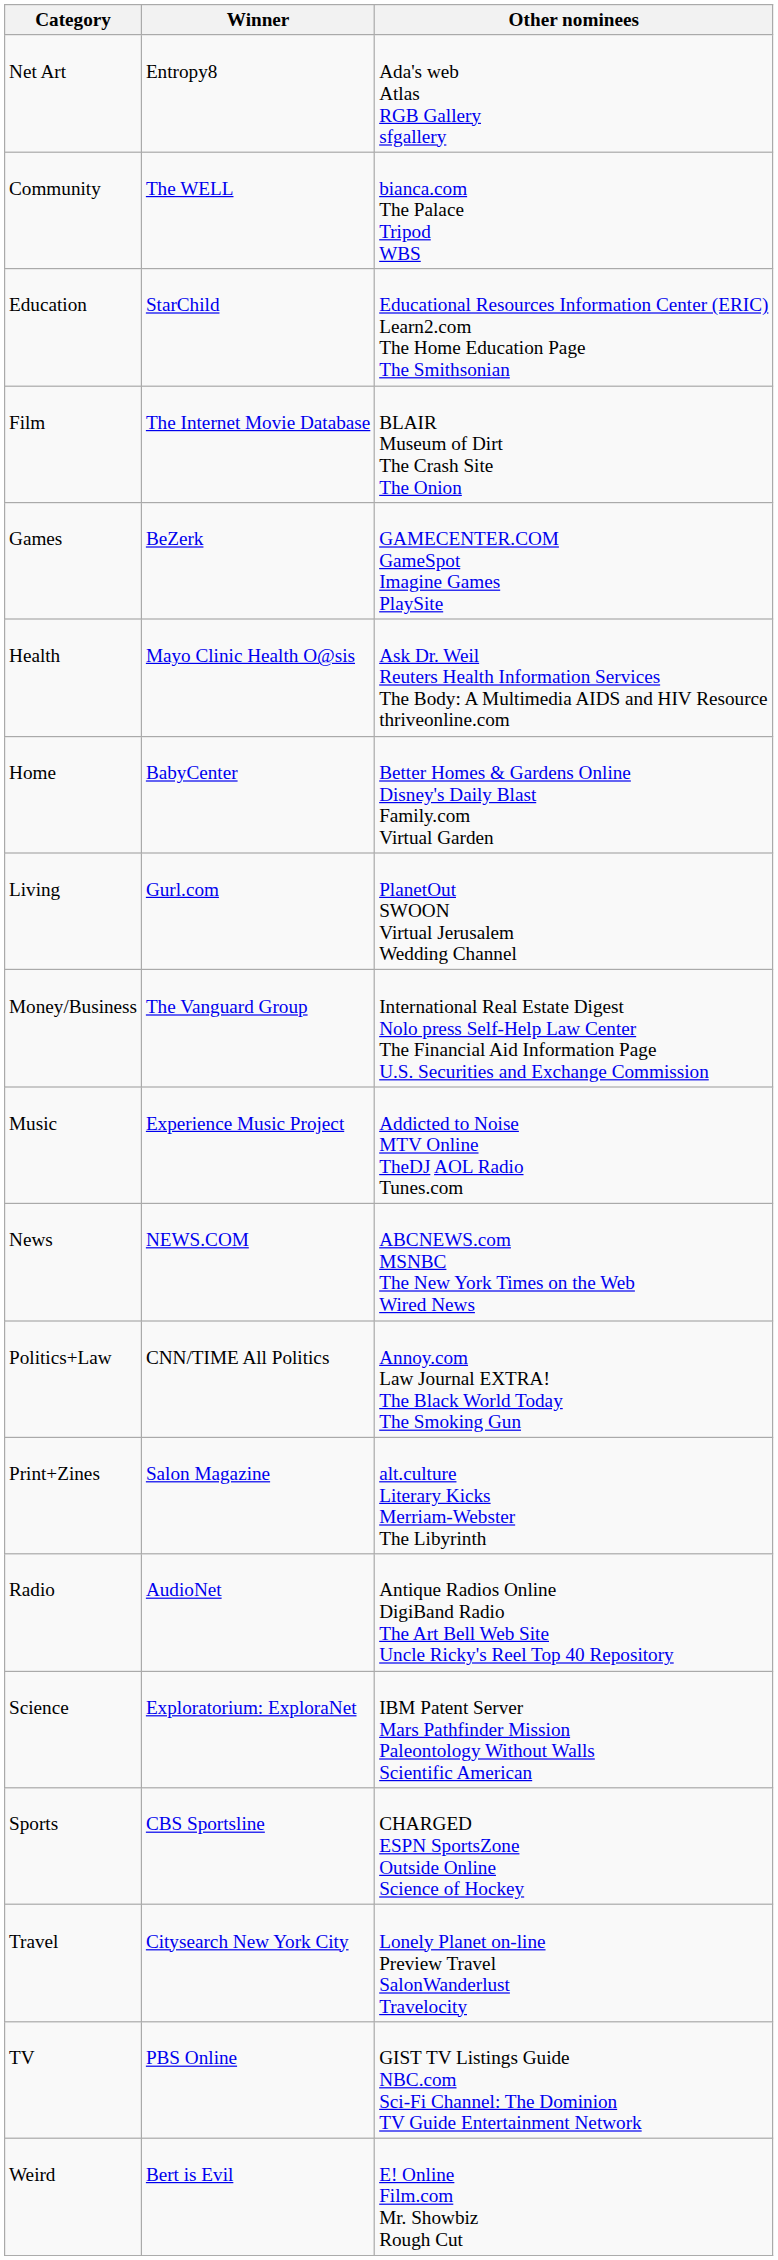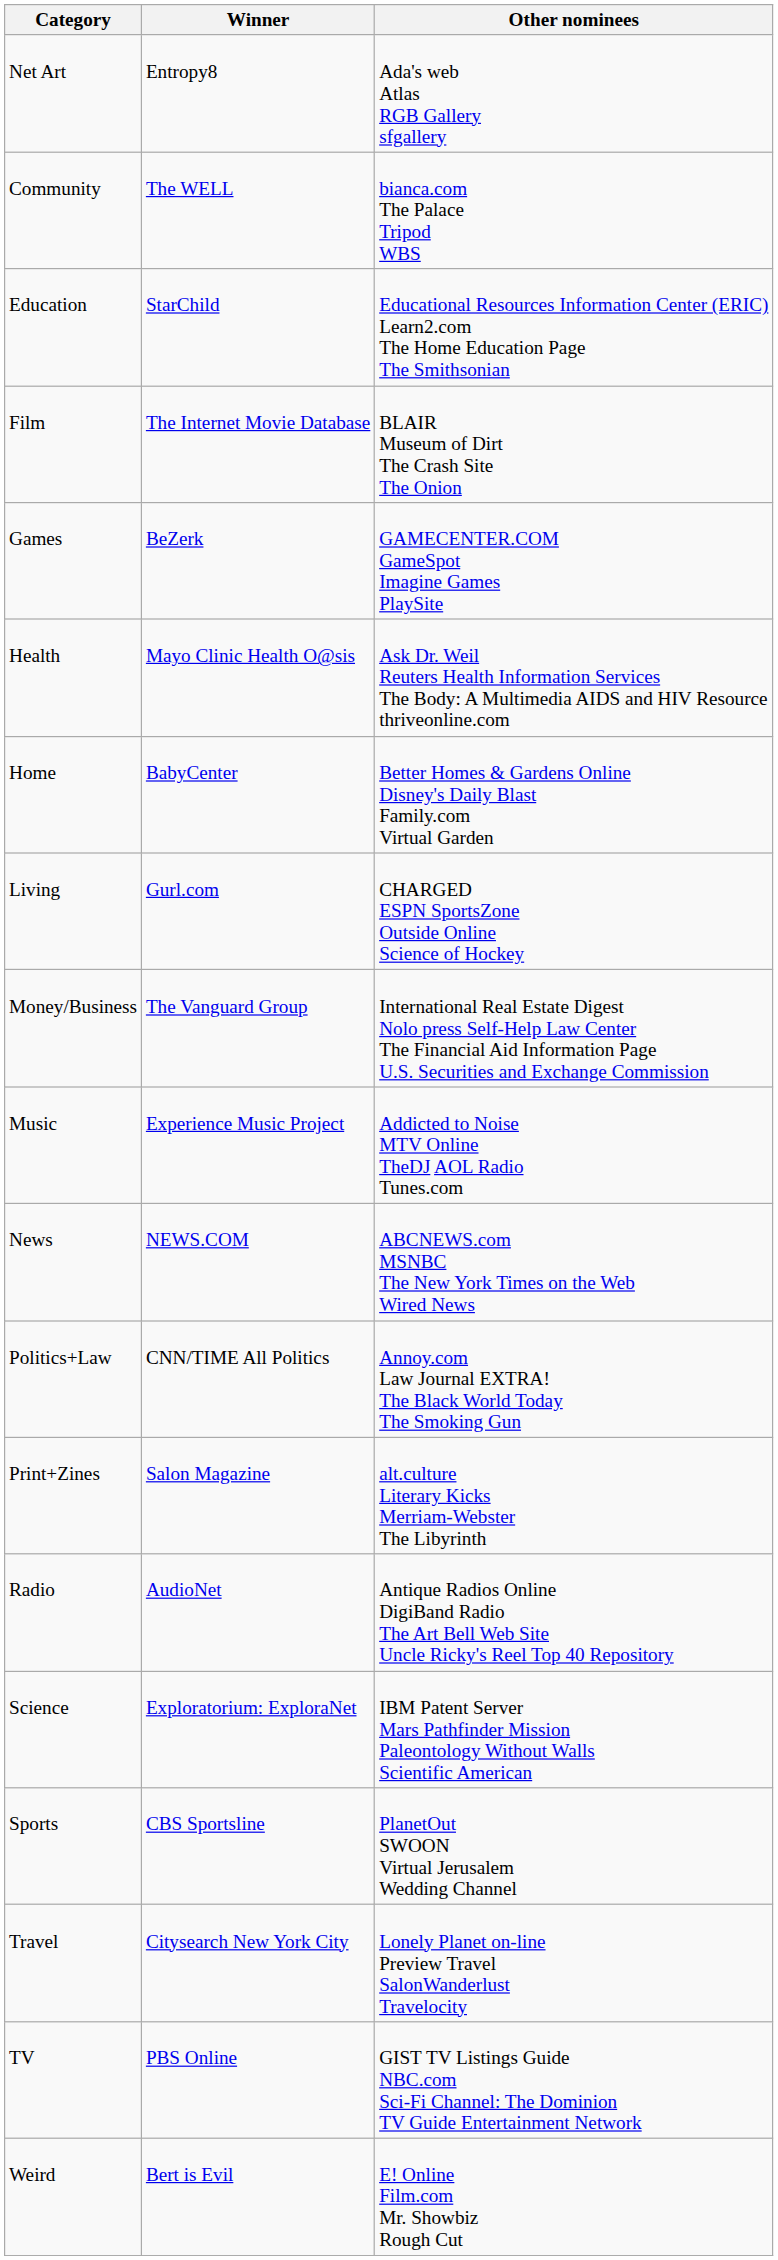 <table class="wikitable">
 <tr>
 <th>Category</th>
 <th>Winner</th>
 <th>Other nominees</th>
 </tr>
 <tr valign="top">
 <td><br>Net Art</td>
 <td><br>Entropy8</td>
 <td><br>Ada's web <br> Atlas <br> <a href='#'>RGB Gallery</a> <br> <a href='#'>sfgallery</a></td>
 </tr>
 <tr valign="top">
 <td><br>Community</td>
 <td><br><a href='#'>The WELL</a></td>
 <td><br><a href='#'>bianca.com</a> <br> The Palace <br> <a href='#'>Tripod</a> <br> <a href='#'>WBS</a></td>
 </tr>
 <tr valign="top">
 <td><br>Education</td>
 <td><br><a href='#'>StarChild</a></td>
 <td><br><a href='#'>Educational Resources Information Center (ERIC)</a> <br> Learn2.com <br> The Home Education Page <br> <a href='#'>The Smithsonian</a> <br></td>
 </tr>
 <tr valign="top">
 <td><br>Film</td>
 <td><br><a href='#'>The Internet Movie Database</a></td>
 <td><br>BLAIR <br> Museum of Dirt <br> The Crash Site <br> <a href='#'>The Onion</a></td>
 </tr>
 <tr valign="top">
 <td><br>Games</td>
 <td><br><a href='#'>BeZerk</a></td>
 <td><br><a href='#'>GAMECENTER.COM</a> <br> <a href='#'>GameSpot</a> <br> <a href='#'>Imagine Games</a> <br> <a href='#'>PlaySite</a> <br></td>
 </tr>
 <tr valign="top">
 <td><br>Health</td>
 <td><br><a href='#'>Mayo Clinic Health O@sis</a> <br></td>
 <td><br><a href='#'>Ask Dr. Weil</a> <br> <a href='#'>Reuters Health Information Services</a> <br> The Body: A Multimedia AIDS and HIV Resource <br> thriveonline.com <br></td>
 </tr>
 <tr valign="top">
 <td><br>Home</td>
 <td><br><a href='#'>BabyCenter</a></td>
 <td><br><a href='#'>Better Homes & Gardens Online</a> <br> <a href='#'>Disney's Daily Blast</a> <br> Family.com <br> Virtual Garden <br></td>
 </tr>
 <tr valign="top">
 <td><br>Living</td>
 <td><br><a href='#'>Gurl.com</a></td>
-<td><br><a href='#'>PlanetOut</a> <br> SWOON <br> Virtual Jerusalem <br> Wedding Channel <br></td>
+<td><br>CHARGED <br> <a href='#'>ESPN SportsZone</a> <br> <a href='#'>Outside Online</a> <br> <a href='#'>Science of Hockey</a></td>
 </tr>
 <tr valign="top">
 <td><br>Money/Business</td>
 <td><br><a href='#'>The Vanguard Group</a></td>
 <td><br>International Real Estate Digest <br> <a href='#'>Nolo press Self-Help Law Center</a> <br> The Financial Aid Information Page <br> <a href='#'>U.S. Securities and Exchange Commission</a></td>
 </tr>
 <tr valign="top">
 <td><br>Music</td>
 <td><br><a href='#'>Experience Music Project</a> <br></td>
 <td><br><a href='#'>Addicted to Noise</a> <br> <a href='#'>MTV Online</a> <br> <a href='#'>TheDJ</a> <a href='#'>AOL Radio</a> <br> Tunes.com <br></td>
 </tr>
 <tr valign="top">
 <td><br>News</td>
 <td><br><a href='#'>NEWS.COM</a> <br></td>
 <td><br><a href='#'>ABCNEWS.com</a> <br> <a href='#'>MSNBC</a> <br> <a href='#'>The New York Times on the Web</a> <br> <a href='#'>Wired News</a></td>
 </tr>
 <tr valign="top">
 <td><br>Politics+Law</td>
 <td><br>CNN/TIME All Politics <br></td>
 <td><br><a href='#'>Annoy.com</a> <br> Law Journal EXTRA! <br> <a href='#'>The Black World Today</a> <br> <a href='#'>The Smoking Gun</a></td>
 </tr>
 <tr valign="top">
 <td><br>Print+Zines</td>
 <td><br><a href='#'>Salon Magazine</a> <br></td>
 <td><br><a href='#'>alt.culture</a> <br> <a href='#'>Literary Kicks</a> <br> <a href='#'>Merriam-Webster</a> <br> The Libyrinth</td>
 </tr>
 <tr valign="top">
 <td><br>Radio</td>
 <td><br><a href='#'>AudioNet</a> <br></td>
 <td><br>Antique Radios Online <br> DigiBand Radio <br> <a href='#'>The Art Bell Web Site</a> <br> <a href='#'>Uncle Ricky's Reel Top 40 Repository</a></td>
 </tr>
 <tr valign="top">
 <td><br>Science</td>
 <td><br><a href='#'>Exploratorium: ExploraNet</a></td>
 <td><br>IBM Patent Server <br> <a href='#'>Mars Pathfinder Mission</a> <br> <a href='#'>Paleontology Without Walls</a> <br> <a href='#'>Scientific American</a></td>
 </tr>
 <tr valign="top">
 <td><br>Sports</td>
 <td><br><a href='#'>CBS Sportsline</a></td>
-<td><br>CHARGED <br> <a href='#'>ESPN SportsZone</a> <br> <a href='#'>Outside Online</a> <br> <a href='#'>Science of Hockey</a></td>
+<td><br><a href='#'>PlanetOut</a> <br> SWOON <br> Virtual Jerusalem <br> Wedding Channel <br></td>
 </tr>
 <tr valign="top">
 <td><br>Travel</td>
 <td><br><a href='#'>Citysearch New York City</a></td>
 <td><br><a href='#'>Lonely Planet on-line</a> <br> Preview Travel <br> <a href='#'>SalonWanderlust</a> <br> <a href='#'>Travelocity</a></td>
 </tr>
 <tr valign="top">
 <td><br>TV</td>
 <td><br><a href='#'>PBS Online</a></td>
 <td><br>GIST TV Listings Guide <br> <a href='#'>NBC.com</a> <br> <a href='#'>Sci-Fi Channel: The Dominion</a> <br> <a href='#'>TV Guide Entertainment Network</a></td>
 </tr>
 <tr valign="top">
 <td><br>Weird</td>
 <td><br><a href='#'>Bert is Evil</a></td>
 <td><br><a href='#'>E! Online</a> <br> <a href='#'>Film.com</a> <br> Mr. Showbiz <br> Rough Cut <br></td>
 </tr>
 <tr>
 </tr>
 </table>
